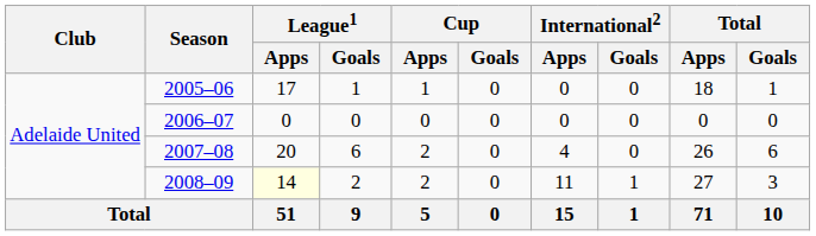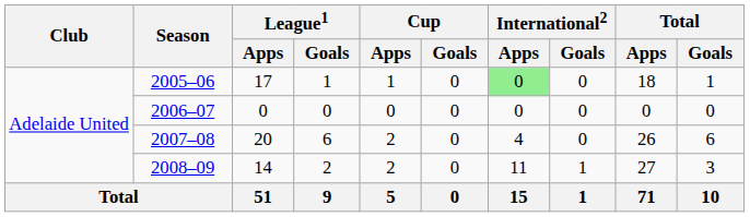 <table class="wikitable" style="text-align: center;">
 <tr>
 <th rowspan="2">Club</th>
 <th rowspan="2" width="80">Season</th>
 <th colspan="2" width="105">League<sup>1</sup></th>
 <th colspan="2" width="105">Cup</th>
 <th colspan="2" width="105">International<sup>2</sup></th>
 <th colspan="2" width="105">Total</th>
 </tr>
 <tr>
 <th>Apps</th>
 <th>Goals</th>
 <th>Apps</th>
 <th>Goals</th>
 <th>Apps</th>
 <th>Goals</th>
 <th>Apps</th>
 <th>Goals</th>
 </tr>
 <tr>
 <td rowspan="4" valign="center"><a href='#'>Adelaide United</a></td>
 <td><a href='#'>2005–06</a></td>
 <td>17</td>
 <td>1</td>
 <td>1</td>
 <td>0</td>
-<td>0</td>
+<td style="background: lightgreen;">0</td>
 <td>0</td>
 <td>18</td>
 <td>1</td>
 </tr>
 <tr>
 <td><a href='#'>2006–07</a></td>
 <td>0</td>
 <td>0</td>
 <td>0</td>
 <td>0</td>
 <td>0</td>
 <td>0</td>
 <td>0</td>
 <td>0</td>
 </tr>
 <tr>
 <td><a href='#'>2007–08</a></td>
 <td>20</td>
 <td>6</td>
 <td>2</td>
 <td>0</td>
 <td>4</td>
 <td>0</td>
 <td>26</td>
 <td>6</td>
 </tr>
 <tr>
 <td><a href='#'>2008–09</a></td>
-<td style="background: lightyellow;">14</td>
+<td>14</td>
 <td>2</td>
 <td>2</td>
 <td>0</td>
 <td>11</td>
 <td>1</td>
 <td>27</td>
 <td>3</td>
 </tr>
 <tr>
 <th colspan="2">Total</th>
 <th>51</th>
 <th>9</th>
 <th>5</th>
 <th>0</th>
 <th>15</th>
 <th>1</th>
 <th>71</th>
 <th>10</th>
 </tr>
 </table>
